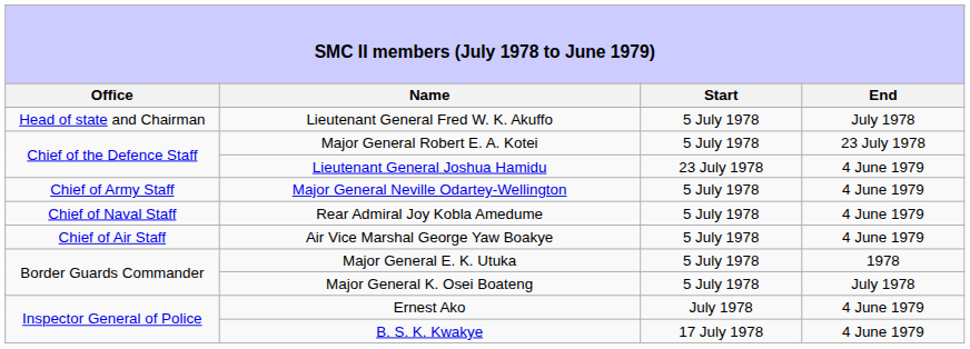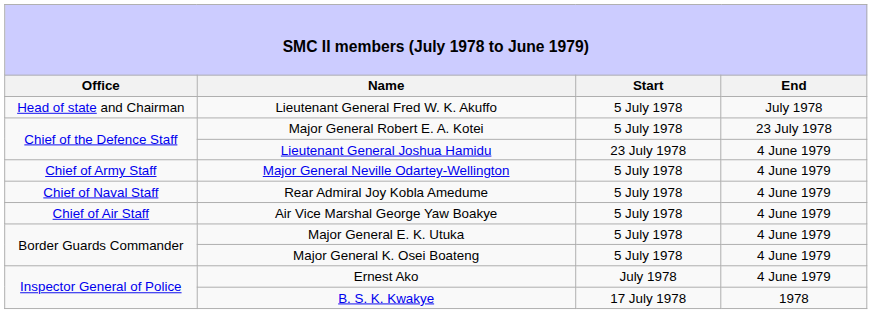 <table class="wikitable" style="font-size:90%; text-align:center; margin:1em auto;">
 <tr>
 <td colspan=6 bgcolor=ccccff><br><h3>SMC II members (July 1978 to June 1979)</h3></td>
 </tr>
 <tr>
 <th width=200>Office</th>
 <th width=400>Name</th>
 <th width=150>Start</th>
 <th width=150>End</th>
 </tr>
 <tr>
 <td><a href='#'>Head of state</a> and Chairman</td>
 <td>Lieutenant General Fred W. K. Akuffo</td>
 <td>5 July 1978</td>
 <td>July 1978</td>
 </tr>
 <tr>
 <td rowspan=2><a href='#'>Chief of the Defence Staff</a></td>
 <td>Major General Robert E. A. Kotei</td>
 <td>5 July 1978</td>
 <td>23 July 1978</td>
 </tr>
 <tr>
 <td><a href='#'>Lieutenant General Joshua Hamidu</a></td>
 <td>23 July 1978</td>
 <td>4 June 1979</td>
 </tr>
 <tr>
 <td><a href='#'>Chief of Army Staff</a></td>
 <td><a href='#'>Major General Neville Odartey-Wellington</a></td>
 <td>5 July 1978</td>
 <td>4 June 1979</td>
 </tr>
 <tr>
 <td><a href='#'>Chief of Naval Staff</a></td>
 <td>Rear Admiral Joy Kobla Amedume</td>
 <td>5 July 1978</td>
 <td>4 June 1979</td>
 </tr>
 <tr>
 <td><a href='#'>Chief of Air Staff</a></td>
 <td>Air Vice Marshal George Yaw Boakye</td>
 <td>5 July 1978</td>
 <td>4 June 1979</td>
 </tr>
 <tr>
 <td rowspan=2>Border Guards Commander</td>
 <td>Major General E. K. Utuka</td>
 <td>5 July 1978</td>
-<td>1978</td>
+<td>4 June 1979</td>
 </tr>
 <tr>
 <td>Major General K. Osei Boateng</td>
 <td>5 July 1978</td>
-<td>July 1978</td>
+<td>4 June 1979</td>
 </tr>
 <tr>
 <td rowspan=2><a href='#'>Inspector General of Police</a></td>
 <td>Ernest Ako</td>
 <td>July 1978</td>
 <td>4 June 1979</td>
 </tr>
 <tr>
 <td><a href='#'>B. S. K. Kwakye</a></td>
 <td>17 July 1978</td>
-<td>4 June 1979</td>
+<td>1978</td>
 </tr>
 </table>
